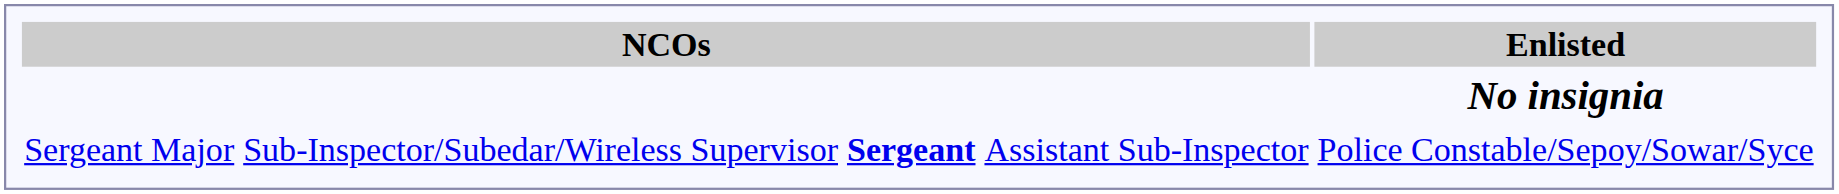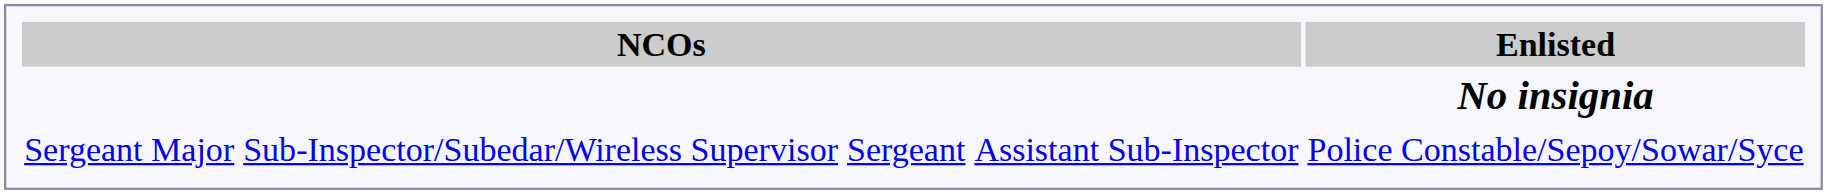 <table style="border:1px solid #8888aa; background-color:#f7f8ff; padding:5px; font-size:95%; margin: 0px 12px 12px 0px;">
 <tr style="background-color:#CCCCCC; text-align:center;">
 <th colspan="4">NCOs</th>
 <th>Enlisted</th>
 </tr>
 <tr style="text-align:center;">
 <td></td>
 <td></td>
 <td></td>
 <td></td>
 <td><strong><em><big>No insignia</big></em></strong></td>
 </tr>
 <tr style="text-align:center;">
 <td><a href='#'>Sergeant Major</a></td>
 <td><a href='#'>Sub-Inspector/Subedar/Wireless Supervisor</a></td>
-<td><strong><a href='#'>Sergeant</a></strong></td>
+<td><a href='#'>Sergeant</a></td>
 <td><a href='#'>Assistant Sub-Inspector</a></td>
 <td><a href='#'>Police Constable/Sepoy/Sowar/Syce</a></td>
 </tr>
 </table>
